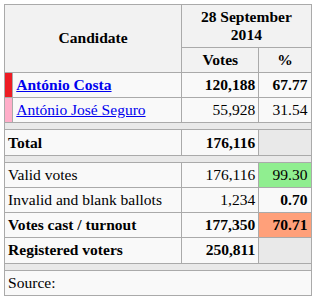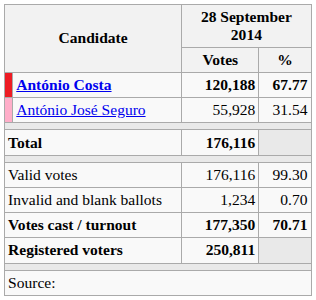 <table class="wikitable" style="text-align:right; font-size:97%;">
 <tr>
 <th rowspan="2" colspan="2" width="170">Candidate</th>
 <th colspan="2">28 September 2014</th>
 </tr>
 <tr>
 <th width="70">Votes</th>
 <th width="45">%</th>
 </tr>
 <tr>
 <td width="1" style="color:inherit;background:#ed1c24"></td>
 <td align="left"><strong><a href='#'>António Costa</a></strong></td>
 <td><strong>120,188</strong></td>
 <td><strong>67.77</strong></td>
 </tr>
 <tr>
 <td style="color:inherit;background:#ffaec9"></td>
 <td align="left"><a href='#'>António José Seguro</a></td>
 <td>55,928</td>
 <td>31.54</td>
 </tr>
 <tr>
 <td colspan="4" bgcolor="#E9E9E9"></td>
 </tr>
 <tr style="font-weight:bold;">
 <td align="left" colspan="2">Total</td>
 <td>176,116</td>
 <td bgcolor="#E9E9E9"></td>
 </tr>
 <tr>
 <td colspan="4" bgcolor="#E9E9E9"></td>
 </tr>
 <tr>
 <td align="left" colspan="2">Valid votes</td>
 <td>176,116</td>
-<td style="background: lightgreen;">99.30</td>
+<td>99.30</td>
 </tr>
 <tr>
 <td align="left" colspan="2">Invalid and blank ballots</td>
 <td>1,234</td>
-<td><strong>0.70</strong></td>
+<td>0.70</td>
 </tr>
 <tr style="font-weight:bold;">
 <td align="left" colspan="2">Votes cast / turnout</td>
 <td>177,350</td>
-<td style="background: lightsalmon;">70.71</td>
+<td>70.71</td>
 </tr>
 <tr style="font-weight:bold;">
 <td align="left" colspan="2">Registered voters</td>
 <td>250,811</td>
 <td bgcolor="#E9E9E9"></td>
 </tr>
 <tr>
 <td colspan="4" bgcolor="#E9E9E9"></td>
 </tr>
 <tr>
 <td align="left" colspan="6">Source: </td>
 </tr>
 </table>
